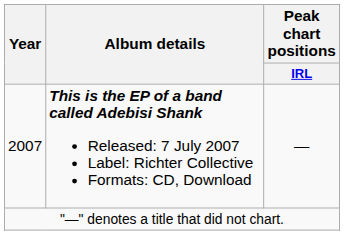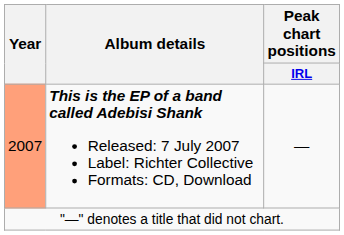 <table class="wikitable" style="text-align:center;">
 <tr>
 <th rowspan="2">Year</th>
 <th style="width:220px;" rowspan="2">Album details</th>
 <th>Peak chart positions</th>
 </tr>
 <tr>
 <th style="width:5em;font-size:85%"><a href='#'>IRL</a></th>
 </tr>
 <tr>
-<td>2007</td>
+<td style="background: lightsalmon;">2007</td>
 <td style="text-align:left;"><strong><em>This is the EP of a band called Adebisi Shank</em></strong><br><ul><li>Released: 7 July 2007</li><li>Label: Richter Collective</li><li>Formats: CD, Download</li></ul></td>
 <td>—</td>
 </tr>
 <tr>
 <td colspan="7" style="font-size:90%">"—" denotes a title that did not chart.</td>
 </tr>
 </table>
